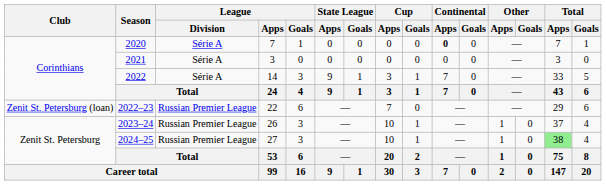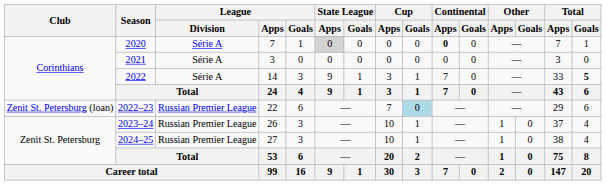 <table class="wikitable" style="text-align: center;">
 <tr>
 <th rowspan="2">Club</th>
 <th rowspan="2">Season</th>
 <th colspan="3">League</th>
 <th colspan="2">State League</th>
 <th colspan="2">Cup</th>
 <th colspan="2">Continental</th>
 <th colspan="2">Other</th>
 <th colspan="2">Total</th>
 </tr>
 <tr>
 <th>Division</th>
 <th>Apps</th>
 <th>Goals</th>
 <th>Apps</th>
 <th>Goals</th>
 <th>Apps</th>
 <th>Goals</th>
 <th>Apps</th>
 <th>Goals</th>
 <th>Apps</th>
 <th>Goals</th>
 <th>Apps</th>
 <th>Goals</th>
 </tr>
 <tr>
 <td rowspan="4"><a href='#'>Corinthians</a></td>
 <td><a href='#'>2020</a></td>
 <td><a href='#'>Série A</a></td>
 <td>7</td>
 <td>1</td>
-<td>0</td>
+<td style="background: lightgrey;">0</td>
 <td>0</td>
 <td>0</td>
 <td>0</td>
 <td><strong>0</strong></td>
 <td>0</td>
 <td colspan="2">—</td>
 <td>7</td>
 <td>1</td>
 </tr>
 <tr>
 <td><a href='#'>2021</a></td>
 <td>Série A</td>
 <td>3</td>
 <td>0</td>
 <td>0</td>
 <td>0</td>
 <td>0</td>
 <td>0</td>
 <td>0</td>
 <td>0</td>
 <td colspan="2">—</td>
 <td>3</td>
 <td>0</td>
 </tr>
 <tr>
 <td><a href='#'>2022</a></td>
 <td>Série A</td>
 <td>14</td>
 <td>3</td>
 <td>9</td>
 <td>1</td>
 <td>3</td>
 <td>1</td>
 <td>7</td>
 <td>0</td>
 <td colspan="2">—</td>
 <td>33</td>
-<td>5</td>
+<td><strong>5</strong></td>
 </tr>
 <tr>
 <th colspan="2">Total</th>
 <th>24</th>
 <th>4</th>
 <th>9</th>
 <th>1</th>
 <th>3</th>
 <th>1</th>
 <th>7</th>
 <th>0</th>
 <th colspan="2">—</th>
 <th>43</th>
 <th>6</th>
 </tr>
 <tr>
 <td><a href='#'>Zenit St. Petersburg</a> (loan)</td>
 <td><a href='#'>2022–23</a></td>
 <td><a href='#'>Russian Premier League</a></td>
 <td>22</td>
 <td>6</td>
 <td colspan="2">—</td>
 <td>7</td>
-<td>0</td>
+<td style="background: lightblue;">0</td>
 <td colspan="2">—</td>
 <td colspan="2">—</td>
 <td>29</td>
 <td>6</td>
 </tr>
 <tr>
 <td rowspan="3">Zenit St. Petersburg</td>
 <td><a href='#'>2023–24</a></td>
 <td>Russian Premier League</td>
 <td>26</td>
 <td>3</td>
 <td colspan="2">—</td>
 <td>10</td>
 <td>1</td>
 <td colspan="2">—</td>
 <td>1</td>
 <td>0</td>
 <td>37</td>
 <td>4</td>
 </tr>
 <tr>
 <td><a href='#'>2024–25</a></td>
 <td>Russian Premier League</td>
 <td>27</td>
 <td>3</td>
 <td colspan="2">—</td>
 <td>10</td>
 <td>1</td>
 <td colspan="2">—</td>
 <td>1</td>
 <td>0</td>
-<td style="background: lightgreen;">38</td>
+<td>38</td>
 <td>4</td>
 </tr>
 <tr>
 <th colspan="2">Total</th>
 <th>53</th>
 <th>6</th>
 <th colspan="2">—</th>
 <th>20</th>
 <th>2</th>
 <th colspan="2">—</th>
 <th>1</th>
 <th>0</th>
 <th>75</th>
 <th>8</th>
 </tr>
 <tr>
 <th colspan="3">Career total</th>
 <th>99</th>
 <th>16</th>
 <th>9</th>
 <th>1</th>
 <th>30</th>
 <th>3</th>
 <th>7</th>
 <th>0</th>
 <th>2</th>
 <th>0</th>
 <th>147</th>
 <th>20</th>
 </tr>
 </table>
